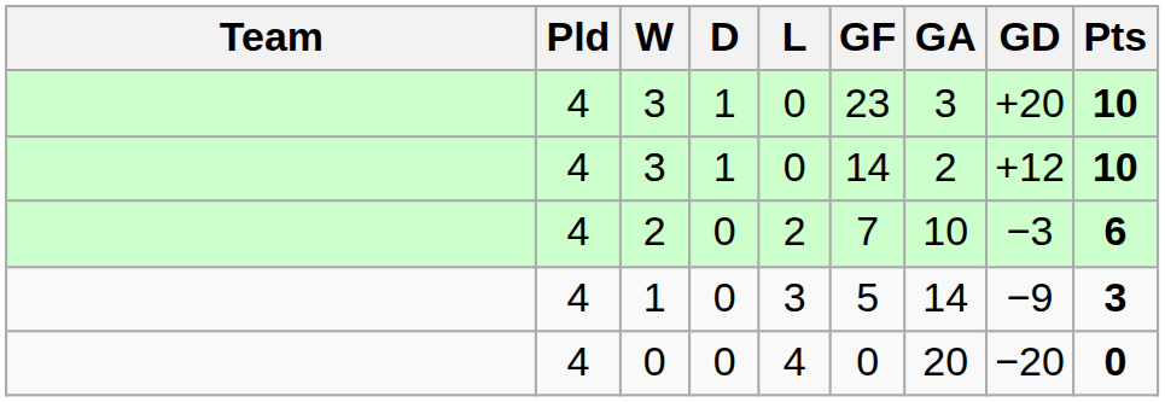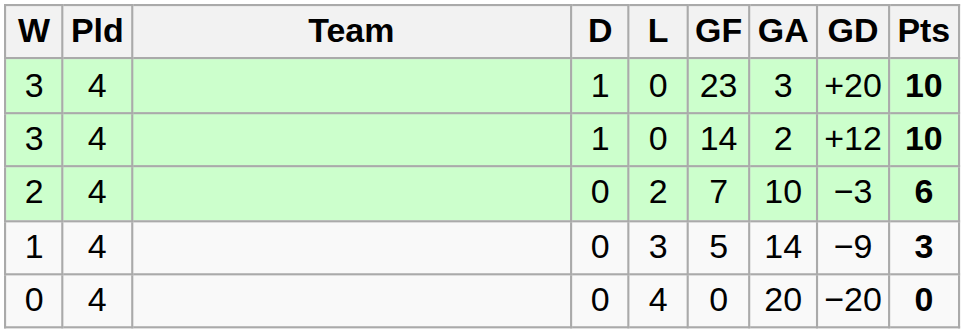 <table class=wikitable style="text-align:center">
 <tr>
+<th width=20>W</th>
+<th width=20>Pld</th>
 <th width=200>Team</th>
-<th width=20>Pld</th>
-<th width=20>W</th>
 <th width=20>D</th>
 <th width=20>L</th>
 <th width=20>GF</th>
 <th width=20>GA</th>
 <th width=20>GD</th>
 <th width=20>Pts</th>
 </tr>
 <tr style=background:#ccffcc>
+<td>3</td>
+<td>4</td>
 <td align=left></td>
-<td>4</td>
-<td>3</td>
 <td>1</td>
 <td>0</td>
 <td>23</td>
 <td>3</td>
 <td>+20</td>
 <td><strong>10</strong></td>
 </tr>
 <tr style=background:#ccffcc>
+<td>3</td>
+<td>4</td>
 <td align=left></td>
-<td>4</td>
-<td>3</td>
 <td>1</td>
 <td>0</td>
 <td>14</td>
 <td>2</td>
 <td>+12</td>
 <td><strong>10</strong></td>
 </tr>
 <tr style=background:#ccffcc>
+<td>2</td>
+<td>4</td>
 <td align=left></td>
-<td>4</td>
-<td>2</td>
 <td>0</td>
 <td>2</td>
 <td>7</td>
 <td>10</td>
 <td>−3</td>
 <td><strong>6</strong></td>
 </tr>
 <tr>
+<td>1</td>
+<td>4</td>
 <td align=left></td>
-<td>4</td>
-<td>1</td>
 <td>0</td>
 <td>3</td>
 <td>5</td>
 <td>14</td>
 <td>−9</td>
 <td><strong>3</strong></td>
 </tr>
 <tr>
+<td>0</td>
+<td>4</td>
 <td align=left></td>
-<td>4</td>
-<td>0</td>
 <td>0</td>
 <td>4</td>
 <td>0</td>
 <td>20</td>
 <td>−20</td>
 <td><strong>0</strong></td>
 </tr>
 </table>
